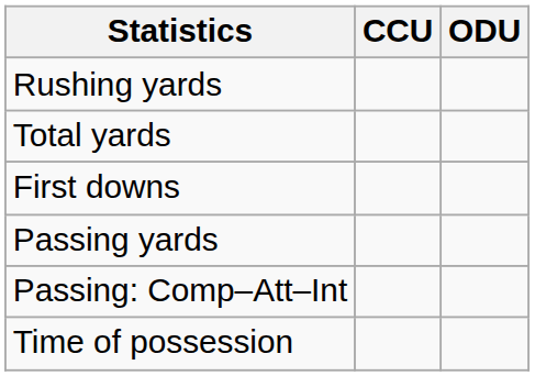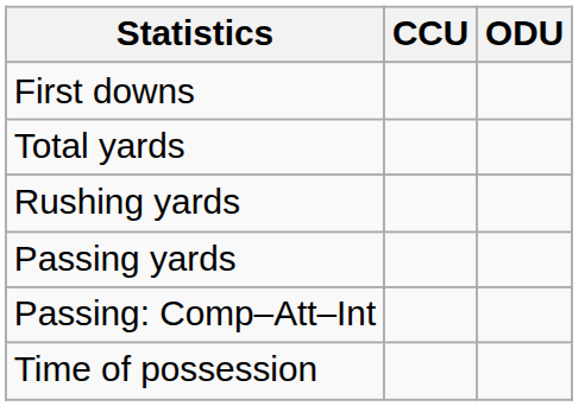 <table class="wikitable" style="float: left;">
 <tr>
 <th>Statistics</th>
 <th>CCU</th>
 <th>ODU</th>
 </tr>
 <tr>
-<td>Rushing yards</td>
+<td>First downs</td>
 <td></td>
 <td></td>
 </tr>
 <tr>
 <td>Total yards</td>
 <td></td>
 <td></td>
 </tr>
 <tr>
-<td>First downs</td>
+<td>Rushing yards</td>
 <td></td>
 <td></td>
 </tr>
 <tr>
 <td>Passing yards</td>
 <td></td>
 <td></td>
 </tr>
 <tr>
 <td>Passing: Comp–Att–Int</td>
 <td></td>
 <td></td>
 </tr>
 <tr>
 <td>Time of possession</td>
 <td></td>
 <td></td>
 </tr>
 </table>
